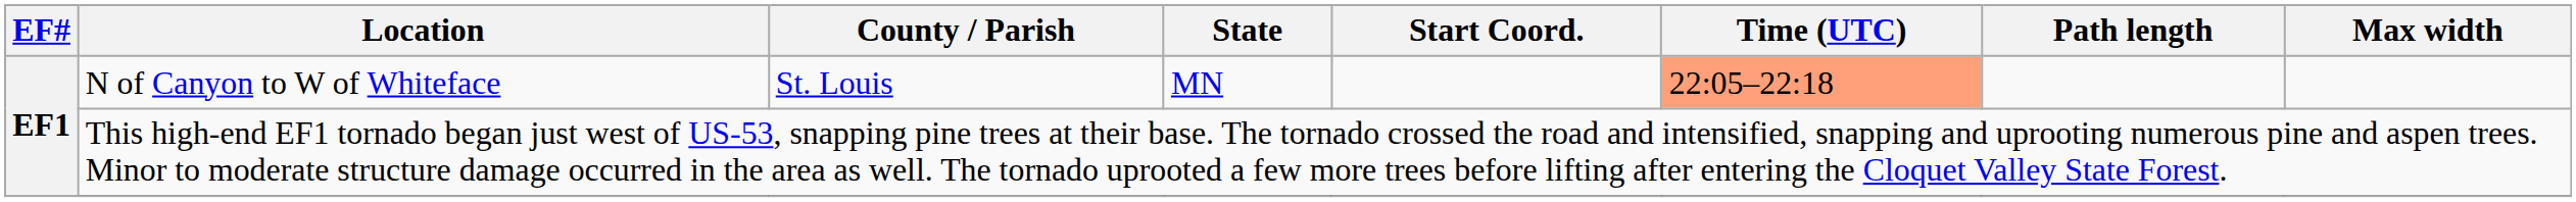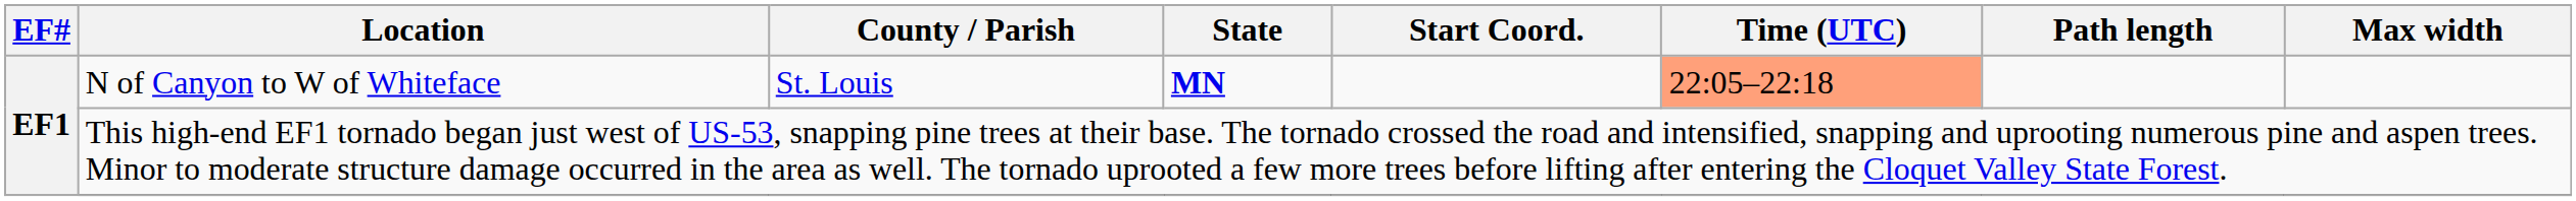 <table class="wikitable sortable" style="width:100%;">
 <tr>
 <th scope="col" width="2%" align="center"><a href='#'>EF#</a></th>
 <th scope="col" align="center" class="unsortable">Location</th>
 <th scope="col" align="center" class="unsortable">County / Parish</th>
 <th scope="col" align="center">State</th>
 <th scope="col" align="center">Start Coord.</th>
 <th scope="col" align="center">Time (<a href='#'>UTC</a>)</th>
 <th scope="col" align="center">Path length</th>
 <th scope="col" align="center">Max width</th>
 </tr>
 <tr>
 <th scope="row" rowspan="2" style="background-color:#">EF1</th>
 <td>N of <a href='#'>Canyon</a> to W of <a href='#'>Whiteface</a></td>
 <td><a href='#'>St. Louis</a></td>
-<td><a href='#'>MN</a></td>
+<td><strong><a href='#'>MN</a></strong></td>
 <td></td>
 <td style="background: lightsalmon;">22:05–22:18</td>
 <td></td>
 <td></td>
 </tr>
 <tr class="expand-child">
 <td colspan="8" style=" border-bottom: 1px solid black;">This high-end EF1 tornado began just west of <a href='#'>US-53</a>, snapping pine trees at their base. The tornado crossed the road and intensified, snapping and uprooting numerous pine and aspen trees. Minor to moderate structure damage occurred in the area as well. The tornado uprooted a few more trees before lifting after entering the <a href='#'>Cloquet Valley State Forest</a>.</td>
 </tr>
 <tr>
 </tr>
 </table>
